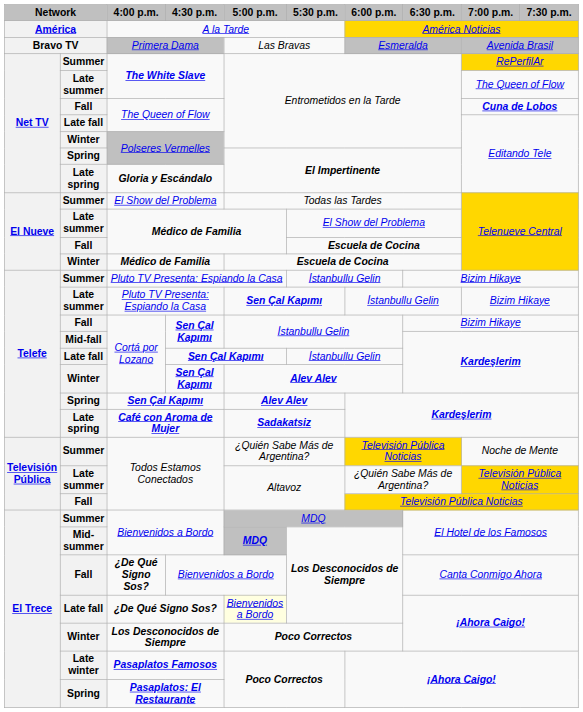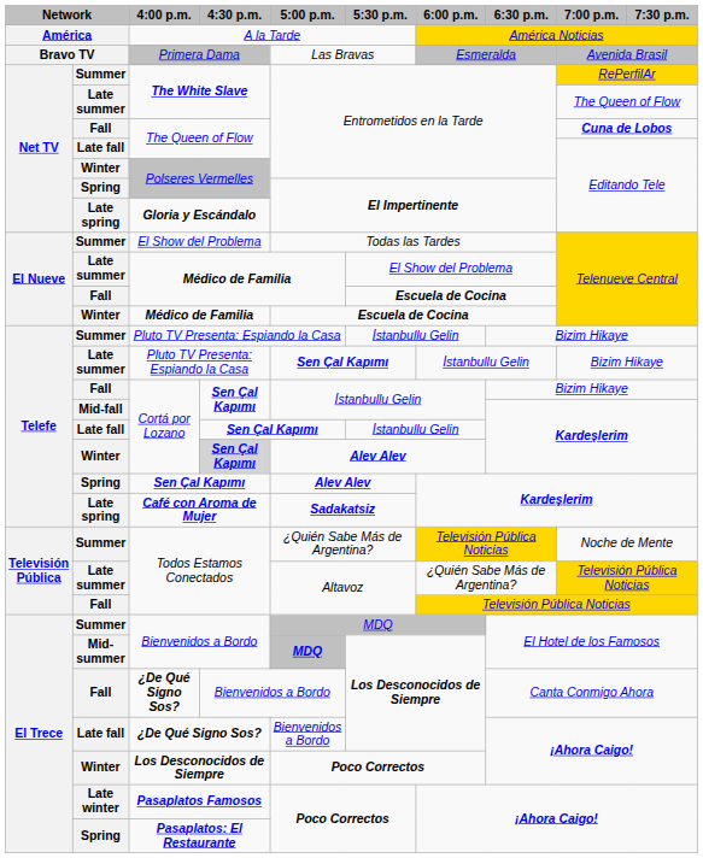 <table class="wikitable" style="width:100%;margin-right:0;text-align:center">
 <tr>
 <th colspan="2" style="background-color:#C0C0C0;width:13%;">Network</th>
 <th style="background-color:#C0C0C0;text-align:center;width:10%;">4:00 p.m.</th>
 <th style="background-color:#C0C0C0;text-align:center;width:10%;">4:30 p.m.</th>
 <th style="background-color:#C0C0C0;text-align:center;width:10%;">5:00 p.m.</th>
 <th style="background-color:#C0C0C0;text-align:center;width:10%;">5:30 p.m.</th>
 <th style="background-color:#C0C0C0;text-align:center;width:10%;">6:00 p.m.</th>
 <th style="background-color:#C0C0C0;text-align:center;width:10%;">6:30 p.m.</th>
 <th style="background-color:#C0C0C0;text-align:center;width:10%;">7:00 p.m.</th>
 <th style="background-color:#C0C0C0;text-align:center;width:10%;">7:30 p.m.</th>
 </tr>
 <tr>
 <th colspan="2"><a href='#'>América</a></th>
 <td colspan="4"><em><a href='#'>A la Tarde</a></em> </td>
 <td style="background:#ffd700;" colspan="4"><em><a href='#'>América Noticias</a></em></td>
 </tr>
 <tr>
 <th colspan="2">Bravo TV</th>
 <td style="background:#C0C0C0;" colspan="2"><em><a href='#'>Primera Dama</a></em> </td>
 <td colspan="2"><em>Las Bravas</em></td>
 <td style="background:#C0C0C0;" colspan="2"><em><a href='#'>Esmeralda</a></em> </td>
 <td style="background:#C0C0C0;" colspan="2"><em><a href='#'>Avenida Brasil</a></em> </td>
 </tr>
 <tr>
 <th rowspan="7"><a href='#'>Net TV</a></th>
 <th>Summer</th>
 <td colspan="2" rowspan="2"><strong><em><a href='#'>The White Slave</a></em></strong></td>
 <td colspan="4" rowspan="5"><em>Entrometidos en la Tarde</em></td>
 <td style="background:#ffd700;" colspan="2"><em><a href='#'>RePerfilAr</a></em></td>
 </tr>
 <tr>
 <th>Late summer</th>
 <td colspan="2"><em><a href='#'>The Queen of Flow</a></em></td>
 </tr>
 <tr>
 <th>Fall</th>
 <td colspan="2" rowspan="2"><em><a href='#'>The Queen of Flow</a></em></td>
 <td colspan="2"><strong><em><a href='#'>Cuna de Lobos</a></em></strong></td>
 </tr>
 <tr>
 <th>Late fall</th>
 <td colspan="2" rowspan="4"><em><a href='#'>Editando Tele</a></em></td>
 </tr>
 <tr>
 <th>Winter</th>
 <td style="background:#C0C0C0;" colspan="2" rowspan="2"><em><a href='#'>Polseres Vermelles</a></em> </td>
 </tr>
 <tr>
 <th>Spring</th>
 <td colspan="4" rowspan="2"><strong><em>El Impertinente</em></strong></td>
 </tr>
 <tr>
 <th>Late spring</th>
 <td colspan="2"><strong><em>Gloria y Escándalo</em></strong></td>
 </tr>
 <tr>
 <th rowspan="4"><a href='#'>El Nueve</a></th>
 <th>Summer</th>
 <td colspan="2"><em><a href='#'>El Show del Problema</a></em><br></td>
 <td colspan="4"><em>Todas las Tardes</em></td>
 <td style="background:#ffd700;" colspan="2" rowspan="4"><em><a href='#'>Telenueve Central</a></em><br></td>
 </tr>
 <tr>
 <th>Late summer</th>
 <td colspan="3" rowspan="2"><strong><em>Médico de Familia</em></strong></td>
 <td colspan="3"><em><a href='#'>El Show del Problema</a></em></td>
 </tr>
 <tr>
 <th>Fall</th>
 <td colspan="3"><strong><em>Escuela de Cocina</em></strong></td>
 </tr>
 <tr>
 <th>Winter</th>
 <td colspan="2"><strong><em>Médico de Familia</em></strong> </td>
 <td colspan="4"><strong><em>Escuela de Cocina</em></strong></td>
 </tr>
 <tr>
 <th rowspan="8"><a href='#'>Telefe</a></th>
 <th>Summer</th>
 <td colspan="3"><em><a href='#'>Pluto TV Presenta: Espiando la Casa</a></em><br></td>
 <td colspan="2"><em><a href='#'>İstanbullu Gelin</a></em></td>
 <td colspan="3"><em><a href='#'>Bizim Hikaye</a></em></td>
 </tr>
 <tr>
 <th>Late summer</th>
 <td colspan="2"><em><a href='#'>Pluto TV Presenta: Espiando la Casa</a></em> </td>
 <td colspan="2"><strong><em><a href='#'>Sen Çal Kapımı</a></em></strong><br></td>
 <td colspan="2"><em><a href='#'>İstanbullu Gelin</a></em><br></td>
 <td colspan="2"><em><a href='#'>Bizim Hikaye</a></em></td>
 </tr>
 <tr>
 <th>Fall</th>
 <td rowspan="4"><em><a href='#'>Cortá por Lozano</a></em><br></td>
 <td rowspan="2"><strong><em><a href='#'>Sen Çal Kapımı</a></em></strong></td>
 <td colspan="3" rowspan="2"><em><a href='#'>İstanbullu Gelin</a></em> </td>
 <td colspan="3"><em><a href='#'>Bizim Hikaye</a></em></td>
 </tr>
 <tr>
 <th>Mid-fall</th>
 <td colspan="3" rowspan="3"><strong><em><a href='#'>Kardeşlerim</a></em></strong> </td>
 </tr>
 <tr>
 <th>Late fall</th>
 <td colspan="2"><strong><em><a href='#'>Sen Çal Kapımı</a></em></strong></td>
 <td colspan="2"><em><a href='#'>İstanbullu Gelin</a></em> </td>
 </tr>
 <tr>
 <th>Winter</th>
-<td><strong><em><a href='#'>Sen Çal Kapımı</a></em></strong></td>
+<td style="background: lightgrey;"><strong><em><a href='#'>Sen Çal Kapımı</a></em></strong></td>
 <td colspan="3"><strong><em><a href='#'>Alev Alev</a></em></strong> </td>
 </tr>
 <tr>
 <th>Spring</th>
 <td colspan="2"><strong><em><a href='#'>Sen Çal Kapımı</a></em></strong> </td>
 <td colspan="2"><strong><em><a href='#'>Alev Alev</a></em></strong> </td>
 <td colspan="4" rowspan="2"><strong><em><a href='#'>Kardeşlerim</a></em></strong> </td>
 </tr>
 <tr>
 <th>Late spring</th>
 <td colspan="2"><strong><em><a href='#'>Café con Aroma de Mujer</a></em></strong></td>
 <td colspan="2"><strong><em><a href='#'>Sadakatsiz</a></em></strong> </td>
 </tr>
 <tr>
 <th rowspan="3"><a href='#'>Televisión Pública</a></th>
 <th>Summer</th>
 <td colspan="2" rowspan="3"><em>Todos Estamos Conectados</em> </td>
 <td colspan="2"><em>¿Quién Sabe Más de Argentina?</em></td>
 <td style="background:#ffd700;" colspan="2"><em><a href='#'>Televisión Pública Noticias</a></em></td>
 <td colspan="2"><em>Noche de Mente</em></td>
 </tr>
 <tr>
 <th>Late summer</th>
 <td colspan="2" rowspan="2"><em>Altavoz</em></td>
 <td colspan="2"><em>¿Quién Sabe Más de Argentina?</em></td>
 <td style="background:#ffd700;" colspan="2"><em><a href='#'>Televisión Pública Noticias</a></em></td>
 </tr>
 <tr>
 <th>Fall</th>
 <td style="background:#ffd700;" colspan="4"><em><a href='#'>Televisión Pública Noticias</a></em></td>
 </tr>
 <tr>
 <th rowspan="8"><a href='#'>El Trece</a></th>
 <th>Summer</th>
 <td colspan="2" rowspan="2"><em><a href='#'>Bienvenidos a Bordo</a></em></td>
 <td style="background:#C0C0C0;" colspan="3"><em><a href='#'>MDQ</a></em>  </td>
 <td colspan="3" rowspan="2"><em><a href='#'>El Hotel de los Famosos</a></em></td>
 </tr>
 <tr>
 <th>Mid-summer</th>
 <td style="background:#C0C0C0;"><strong><em><a href='#'>MDQ</a></em> </strong></td>
 <td colspan="2" rowspan="3"><strong><em>Los Desconocidos de Siempre</em></strong></td>
 </tr>
 <tr>
 <th>Fall</th>
 <td><strong><em>¿De Qué Signo Sos?</em></strong> </td>
 <td colspan="2"><em><a href='#'>Bienvenidos a Bordo</a></em><br></td>
 <td colspan="3"><em><a href='#'>Canta Conmigo Ahora</a></em></td>
 </tr>
 <tr>
 <th>Late fall</th>
 <td colspan="2"><strong><em>¿De Qué Signo Sos?</em></strong></td>
-<td style="background: lightyellow;"><em><a href='#'>Bienvenidos a Bordo</a></em></td>
+<td><em><a href='#'>Bienvenidos a Bordo</a></em></td>
 <td colspan="3" rowspan="2"><strong><em><a href='#'>¡Ahora Caigo!</a></em></strong></td>
 </tr>
 <tr>
 <th>Winter</th>
 <td colspan="2"><strong><em>Los Desconocidos de Siempre</em></strong></td>
 <td colspan="3"><strong><em>Poco Correctos</em></strong></td>
 </tr>
 <tr>
 <th>Late winter</th>
 <td colspan="2"><strong><em><a href='#'>Pasaplatos Famosos</a></em></strong><br></td>
 <td colspan="2" rowspan="2"><strong><em>Poco Correctos</em></strong></td>
 <td colspan="4" rowspan="2"><strong><em><a href='#'>¡Ahora Caigo!</a></em></strong> </td>
 </tr>
 <tr>
 <th>Spring</th>
 <td colspan="2"><strong><em><a href='#'>Pasaplatos: El Restaurante</a></em></strong> </td>
 </tr>
 </table>
